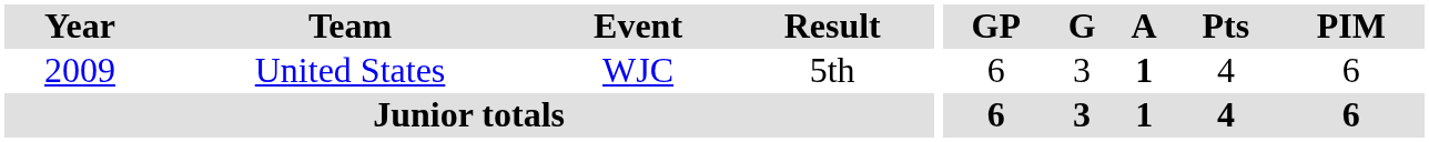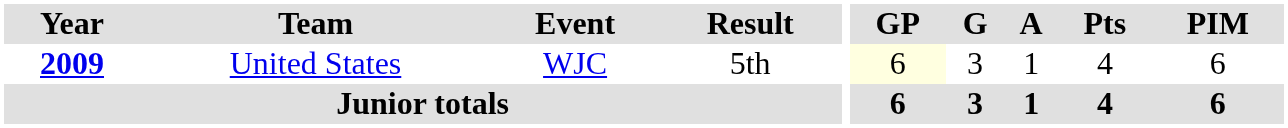 <table border="0" cellpadding="1" cellspacing="0" ID="Table3" style="text-align:center; width:40em">
 <tr style="text-align:center; background:#e0e0e0;">
 <th>Year</th>
 <th>Team</th>
 <th>Event</th>
 <th>Result</th>
 <th rowspan="99" style="background:#fff;"></th>
 <th>GP</th>
 <th>G</th>
 <th>A</th>
 <th>Pts</th>
 <th>PIM</th>
 </tr>
 <tr>
-<td><a href='#'>2009</a></td>
+<td><strong><a href='#'>2009</a></strong></td>
 <td><a href='#'>United States</a></td>
 <td><a href='#'>WJC</a></td>
 <td>5th</td>
-<td>6</td>
+<td style="background: lightyellow;">6</td>
 <td>3</td>
-<td><strong>1</strong></td>
+<td>1</td>
 <td>4</td>
 <td>6</td>
 </tr>
 <tr style="background:#e0e0e0;">
 <th colspan="4">Junior totals</th>
 <th>6</th>
 <th>3</th>
 <th>1</th>
 <th>4</th>
 <th>6</th>
 </tr>
 </table>
